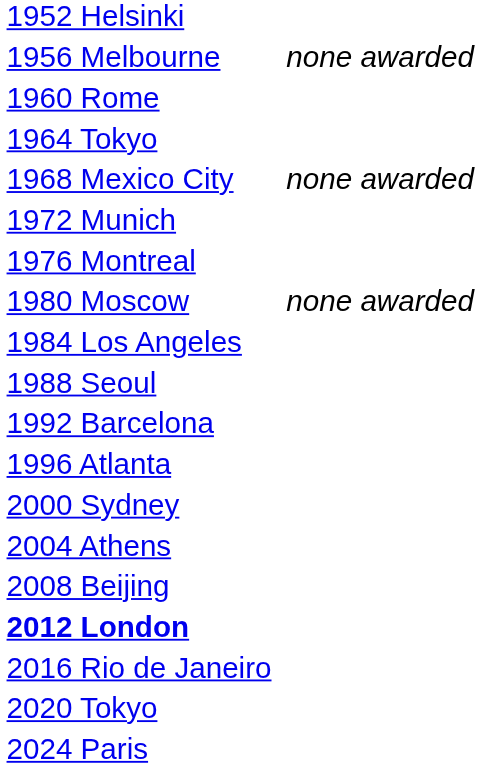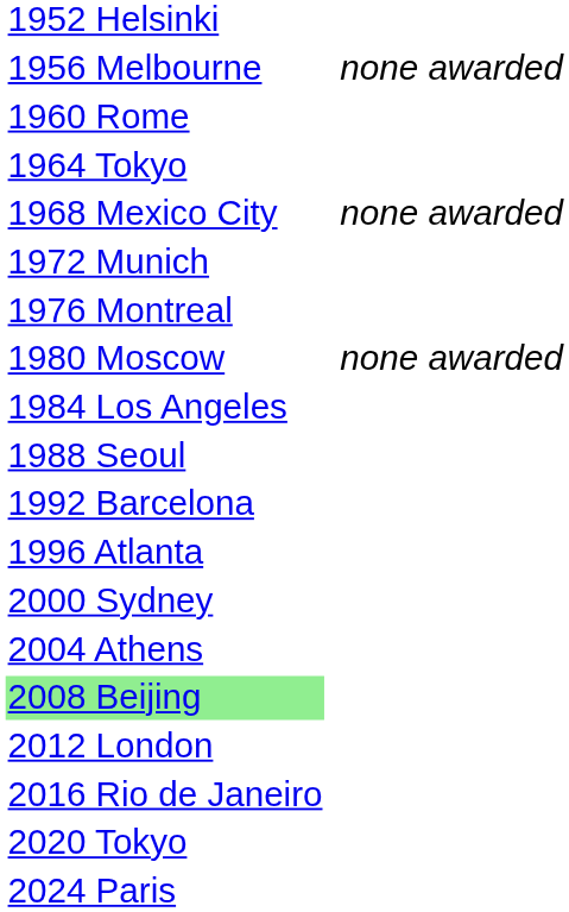 <table>
 <tr>
 <td><a href='#'>1952 Helsinki</a><br></td>
 <td></td>
 <td></td>
 <td></td>
 </tr>
 <tr valign="top">
 <td rowspan="2"><a href='#'>1956 Melbourne</a><br></td>
 <td></td>
 <td rowspan="2" align="center"><em>none awarded</em></td>
 <td rowspan="2"></td>
 </tr>
 <tr>
 <td></td>
 </tr>
 <tr valign="top">
 <td><a href='#'>1960 Rome</a><br></td>
 <td></td>
 <td></td>
 <td></td>
 </tr>
 <tr valign="top">
 <td><a href='#'>1964 Tokyo</a><br></td>
 <td></td>
 <td></td>
 <td></td>
 </tr>
 <tr valign="top">
 <td rowspan="2"><a href='#'>1968 Mexico City</a><br></td>
 <td></td>
 <td rowspan="2" align="center"><em>none awarded</em></td>
 <td rowspan="2"></td>
 </tr>
 <tr>
 <td></td>
 </tr>
 <tr valign="top">
 <td><a href='#'>1972 Munich</a><br></td>
 <td></td>
 <td></td>
 <td></td>
 </tr>
 <tr valign="top">
 <td><a href='#'>1976 Montreal</a><br></td>
 <td></td>
 <td></td>
 <td></td>
 </tr>
 <tr valign="top">
 <td rowspan="2"><a href='#'>1980 Moscow</a><br></td>
 <td></td>
 <td rowspan="2" align="center"><em>none awarded</em></td>
 <td></td>
 </tr>
 <tr>
 <td></td>
 <td></td>
 </tr>
 <tr valign="top">
 <td><a href='#'>1984 Los Angeles</a><br></td>
 <td></td>
 <td></td>
 <td></td>
 </tr>
 <tr valign="top">
 <td><a href='#'>1988 Seoul</a><br></td>
 <td></td>
 <td></td>
 <td></td>
 </tr>
 <tr valign="top">
 <td rowspan="3"><a href='#'>1992 Barcelona</a><br></td>
 <td rowspan="3"></td>
 <td rowspan="3"></td>
 <td></td>
 </tr>
 <tr>
 <td></td>
 </tr>
 <tr>
 <td></td>
 </tr>
 <tr valign="top">
 <td><a href='#'>1996 Atlanta</a><br></td>
 <td></td>
 <td></td>
 <td></td>
 </tr>
 <tr>
 <td><a href='#'>2000 Sydney</a><br></td>
 <td></td>
 <td></td>
 <td></td>
 </tr>
 <tr>
 <td><a href='#'>2004 Athens</a><br></td>
 <td></td>
 <td></td>
 <td></td>
 </tr>
 <tr>
-<td><a href='#'>2008 Beijing</a><br></td>
+<td style="background: lightgreen;"><a href='#'>2008 Beijing</a><br></td>
 <td></td>
 <td></td>
 <td></td>
 </tr>
 <tr>
-<td><strong><a href='#'>2012 London</a><br></strong></td>
+<td><a href='#'>2012 London</a><br></td>
 <td></td>
 <td></td>
 <td></td>
 </tr>
 <tr>
 <td><a href='#'>2016 Rio de Janeiro</a><br></td>
 <td></td>
 <td></td>
 <td></td>
 </tr>
 <tr valign="top">
 <td rowspan="2"><a href='#'>2020 Tokyo</a><br></td>
 <td rowspan="2"></td>
 <td rowspan="2"></td>
 <td></td>
 </tr>
 <tr>
 <td></td>
 </tr>
 <tr>
 <td><a href='#'>2024 Paris</a> <br></td>
 <td></td>
 <td></td>
 <td></td>
 </tr>
 <tr>
 </tr>
 </table>
